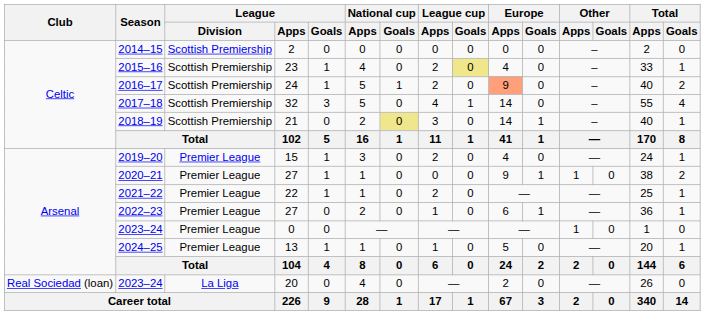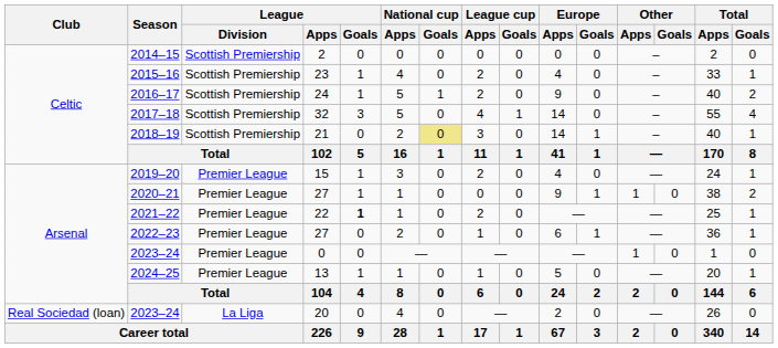 <table class="wikitable" style="text-align: center;">
 <tr>
 <th rowspan="2">Club</th>
 <th rowspan="2">Season</th>
 <th colspan="3">League</th>
 <th colspan="2">National cup</th>
 <th colspan="2">League cup</th>
 <th colspan="2">Europe</th>
 <th colspan="2">Other</th>
 <th colspan="2">Total</th>
 </tr>
 <tr>
 <th>Division</th>
 <th>Apps</th>
 <th>Goals</th>
 <th>Apps</th>
 <th>Goals</th>
 <th>Apps</th>
 <th>Goals</th>
 <th>Apps</th>
 <th>Goals</th>
 <th>Apps</th>
 <th>Goals</th>
 <th>Apps</th>
 <th>Goals</th>
 </tr>
 <tr>
 <td rowspan="6"><a href='#'>Celtic</a></td>
 <td><a href='#'>2014–15</a></td>
 <td><a href='#'>Scottish Premiership</a></td>
 <td>2</td>
 <td>0</td>
 <td>0</td>
 <td>0</td>
 <td>0</td>
 <td>0</td>
 <td>0</td>
 <td>0</td>
 <td colspan="2">–</td>
 <td>2</td>
 <td>0</td>
 </tr>
 <tr>
 <td><a href='#'>2015–16</a></td>
 <td>Scottish Premiership</td>
 <td>23</td>
 <td>1</td>
 <td>4</td>
 <td>0</td>
 <td>2</td>
-<td style="background: khaki;">0</td>
+<td>0</td>
 <td>4</td>
 <td>0</td>
 <td colspan="2">–</td>
 <td>33</td>
 <td>1</td>
 </tr>
 <tr>
 <td><a href='#'>2016–17</a></td>
 <td>Scottish Premiership</td>
 <td>24</td>
 <td>1</td>
 <td>5</td>
 <td>1</td>
 <td>2</td>
 <td>0</td>
-<td style="background: lightsalmon;">9</td>
+<td>9</td>
 <td>0</td>
 <td colspan="2">–</td>
 <td>40</td>
 <td>2</td>
 </tr>
 <tr>
 <td><a href='#'>2017–18</a></td>
 <td>Scottish Premiership</td>
 <td>32</td>
 <td>3</td>
 <td>5</td>
 <td>0</td>
 <td>4</td>
 <td>1</td>
 <td>14</td>
 <td>0</td>
 <td colspan="2">–</td>
 <td>55</td>
 <td>4</td>
 </tr>
 <tr>
 <td><a href='#'>2018–19</a></td>
 <td>Scottish Premiership</td>
 <td>21</td>
 <td>0</td>
 <td>2</td>
 <td style="background: khaki;">0</td>
 <td>3</td>
 <td>0</td>
 <td>14</td>
 <td>1</td>
 <td colspan="2">–</td>
 <td>40</td>
 <td>1</td>
 </tr>
 <tr>
 <th colspan="2">Total</th>
 <th>102</th>
 <th>5</th>
 <th>16</th>
 <th>1</th>
 <th>11</th>
 <th>1</th>
 <th>41</th>
 <th>1</th>
 <th colspan="2">—</th>
 <th>170</th>
 <th>8</th>
 </tr>
 <tr>
 <td rowspan="7"><a href='#'>Arsenal</a></td>
 <td><a href='#'>2019–20</a></td>
 <td><a href='#'>Premier League</a></td>
 <td>15</td>
 <td>1</td>
 <td>3</td>
 <td>0</td>
 <td>2</td>
 <td>0</td>
 <td>4</td>
 <td>0</td>
 <td colspan="2">—</td>
 <td>24</td>
 <td>1</td>
 </tr>
 <tr>
 <td><a href='#'>2020–21</a></td>
 <td>Premier League</td>
 <td>27</td>
 <td>1</td>
 <td>1</td>
 <td>0</td>
 <td>0</td>
 <td>0</td>
 <td>9</td>
 <td>1</td>
 <td>1</td>
 <td>0</td>
 <td>38</td>
 <td>2</td>
 </tr>
 <tr>
 <td><a href='#'>2021–22</a></td>
 <td>Premier League</td>
 <td>22</td>
-<td>1</td>
+<td><strong>1</strong></td>
 <td>1</td>
 <td>0</td>
 <td>2</td>
 <td>0</td>
 <td colspan="2">—</td>
 <td colspan="2">—</td>
 <td>25</td>
 <td>1</td>
 </tr>
 <tr>
 <td><a href='#'>2022–23</a></td>
 <td>Premier League</td>
 <td>27</td>
 <td>0</td>
 <td>2</td>
 <td>0</td>
 <td>1</td>
 <td>0</td>
 <td>6</td>
 <td>1</td>
 <td colspan="2">—</td>
 <td>36</td>
 <td>1</td>
 </tr>
 <tr>
 <td><a href='#'>2023–24</a></td>
 <td>Premier League</td>
 <td>0</td>
 <td>0</td>
 <td colspan="2">—</td>
 <td colspan="2">—</td>
 <td colspan="2">—</td>
 <td>1</td>
 <td>0</td>
 <td>1</td>
 <td>0</td>
 </tr>
 <tr>
 <td><a href='#'>2024–25</a></td>
 <td>Premier League</td>
 <td>13</td>
 <td>1</td>
 <td>1</td>
 <td>0</td>
 <td>1</td>
 <td>0</td>
 <td>5</td>
 <td>0</td>
 <td colspan="2">—</td>
 <td>20</td>
 <td>1</td>
 </tr>
 <tr>
 <th colspan="2">Total</th>
 <th>104</th>
 <th>4</th>
 <th>8</th>
 <th>0</th>
 <th>6</th>
 <th>0</th>
 <th>24</th>
 <th>2</th>
 <th>2</th>
 <th>0</th>
 <th>144</th>
 <th>6</th>
 </tr>
 <tr>
 <td><a href='#'>Real Sociedad</a> (loan)</td>
 <td><a href='#'>2023–24</a></td>
 <td><a href='#'>La Liga</a></td>
 <td>20</td>
 <td>0</td>
 <td>4</td>
 <td>0</td>
 <td colspan="2">—</td>
 <td>2</td>
 <td>0</td>
 <td colspan="2">—</td>
 <td>26</td>
 <td>0</td>
 </tr>
 <tr>
 <th colspan="3">Career total</th>
 <th>226</th>
 <th>9</th>
 <th>28</th>
 <th>1</th>
 <th>17</th>
 <th>1</th>
 <th>67</th>
 <th>3</th>
 <th>2</th>
 <th>0</th>
 <th>340</th>
 <th>14</th>
 </tr>
 </table>
